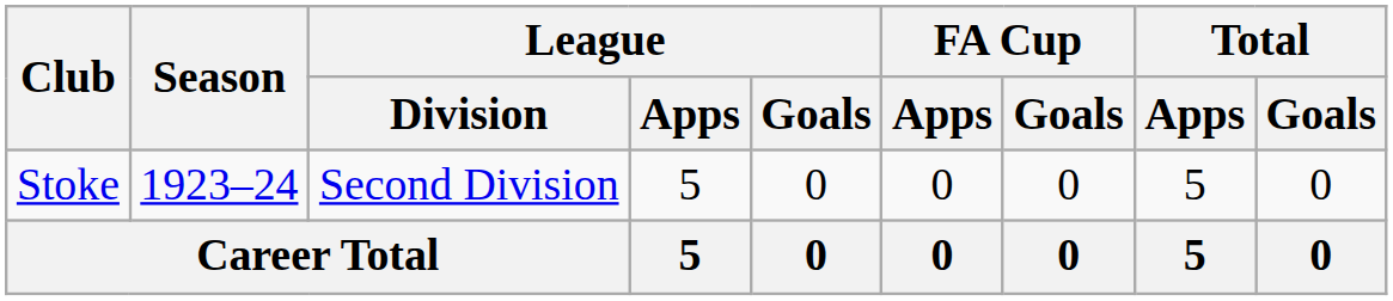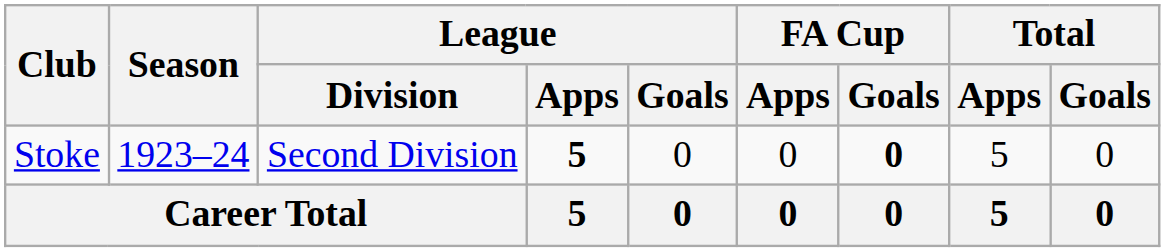 <table class="wikitable" style="text-align: center;">
 <tr>
 <th rowspan="2">Club</th>
 <th rowspan="2">Season</th>
 <th colspan="3">League</th>
 <th colspan="2">FA Cup</th>
 <th colspan="2">Total</th>
 </tr>
 <tr>
 <th>Division</th>
 <th>Apps</th>
 <th>Goals</th>
 <th>Apps</th>
 <th>Goals</th>
 <th>Apps</th>
 <th>Goals</th>
 </tr>
 <tr>
 <td><a href='#'>Stoke</a></td>
 <td><a href='#'>1923–24</a></td>
 <td><a href='#'>Second Division</a></td>
-<td>5</td>
+<td><strong>5</strong></td>
 <td>0</td>
 <td>0</td>
-<td>0</td>
+<td><strong>0</strong></td>
 <td>5</td>
 <td>0</td>
 </tr>
 <tr>
 <th colspan="3">Career Total</th>
 <th>5</th>
 <th>0</th>
 <th>0</th>
 <th>0</th>
 <th>5</th>
 <th>0</th>
 </tr>
 </table>
